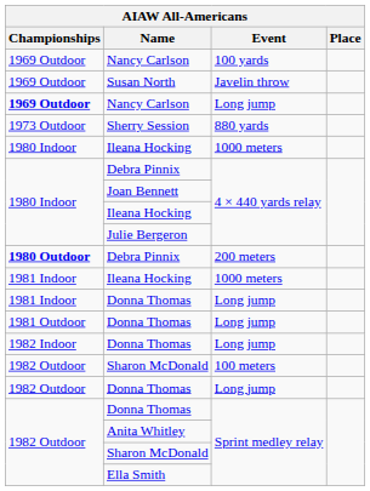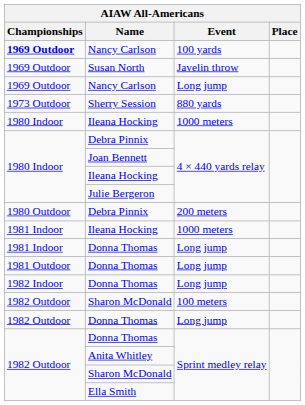 <table class="wikitable sortable">
 <tr>
 <th colspan="5">AIAW All-Americans</th>
 </tr>
 <tr>
 <th scope="col">Championships</th>
 <th scope="col">Name</th>
 <th scope="col">Event</th>
 <th scope="col">Place</th>
 </tr>
 <tr>
-<td><a href='#'>1969 Outdoor</a></td>
+<td><strong><a href='#'>1969 Outdoor</a></strong></td>
 <td><a href='#'>Nancy Carlson</a></td>
 <td><a href='#'>100 yards</a></td>
 <td></td>
 </tr>
 <tr>
 <td><a href='#'>1969 Outdoor</a></td>
 <td><a href='#'>Susan North</a></td>
 <td><a href='#'>Javelin throw</a></td>
 <td></td>
 </tr>
 <tr>
-<td><strong><a href='#'>1969 Outdoor</a></strong></td>
+<td><a href='#'>1969 Outdoor</a></td>
 <td><a href='#'>Nancy Carlson</a></td>
 <td><a href='#'>Long jump</a></td>
 <td></td>
 </tr>
 <tr>
 <td><a href='#'>1973 Outdoor</a></td>
 <td><a href='#'>Sherry Session</a></td>
 <td><a href='#'>880 yards</a></td>
 <td></td>
 </tr>
 <tr>
 <td><a href='#'>1980 Indoor</a></td>
 <td><a href='#'>Ileana Hocking</a></td>
 <td><a href='#'>1000 meters</a></td>
 <td></td>
 </tr>
 <tr>
 <td rowspan=4><a href='#'>1980 Indoor</a></td>
 <td><a href='#'>Debra Pinnix</a></td>
 <td rowspan=4><a href='#'>4 × 440 yards relay</a></td>
 <td rowspan=4></td>
 </tr>
 <tr>
 <td><a href='#'>Joan Bennett</a></td>
 </tr>
 <tr>
 <td><a href='#'>Ileana Hocking</a></td>
 </tr>
 <tr>
 <td><a href='#'>Julie Bergeron</a></td>
 </tr>
 <tr>
-<td><strong><a href='#'>1980 Outdoor</a></strong></td>
+<td><a href='#'>1980 Outdoor</a></td>
 <td><a href='#'>Debra Pinnix</a></td>
 <td><a href='#'>200 meters</a></td>
 <td></td>
 </tr>
 <tr>
 <td><a href='#'>1981 Indoor</a></td>
 <td><a href='#'>Ileana Hocking</a></td>
 <td><a href='#'>1000 meters</a></td>
 <td></td>
 </tr>
 <tr>
 <td><a href='#'>1981 Indoor</a></td>
 <td><a href='#'>Donna Thomas</a></td>
 <td><a href='#'>Long jump</a></td>
 <td></td>
 </tr>
 <tr>
 <td><a href='#'>1981 Outdoor</a></td>
 <td><a href='#'>Donna Thomas</a></td>
 <td><a href='#'>Long jump</a></td>
 <td></td>
 </tr>
 <tr>
 <td><a href='#'>1982 Indoor</a></td>
 <td><a href='#'>Donna Thomas</a></td>
 <td><a href='#'>Long jump</a></td>
 <td></td>
 </tr>
 <tr>
 <td><a href='#'>1982 Outdoor</a></td>
 <td><a href='#'>Sharon McDonald</a></td>
 <td><a href='#'>100 meters</a></td>
 <td></td>
 </tr>
 <tr>
 <td><a href='#'>1982 Outdoor</a></td>
 <td><a href='#'>Donna Thomas</a></td>
 <td><a href='#'>Long jump</a></td>
 <td></td>
 </tr>
 <tr>
 <td rowspan=4><a href='#'>1982 Outdoor</a></td>
 <td><a href='#'>Donna Thomas</a></td>
 <td rowspan=4><a href='#'>Sprint medley relay</a></td>
 <td rowspan=4></td>
 </tr>
 <tr>
 <td><a href='#'>Anita Whitley</a></td>
 </tr>
 <tr>
 <td><a href='#'>Sharon McDonald</a></td>
 </tr>
 <tr>
 <td><a href='#'>Ella Smith</a></td>
 </tr>
 </table>
